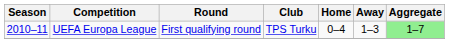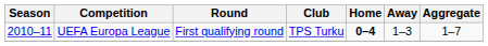 <table class="wikitable">
 <tr>
 <th>Season</th>
 <th>Competition</th>
 <th>Round</th>
 <th>Club</th>
 <th>Home</th>
 <th>Away</th>
 <th>Aggregate</th>
 </tr>
 <tr>
 <td><a href='#'>2010–11</a></td>
 <td><a href='#'>UEFA Europa League</a></td>
 <td><a href='#'>First qualifying round</a></td>
 <td> <a href='#'>TPS Turku</a></td>
-<td style="text-align:center;">0–4</td>
+<td style="text-align:center;"><strong>0–4</strong></td>
 <td style="text-align:center;">1–3</td>
-<td style="background: lightgreen; text-align:center;">1–7</td>
+<td style="text-align:center;">1–7</td>
 </tr>
 <tr>
 </tr>
 </table>
